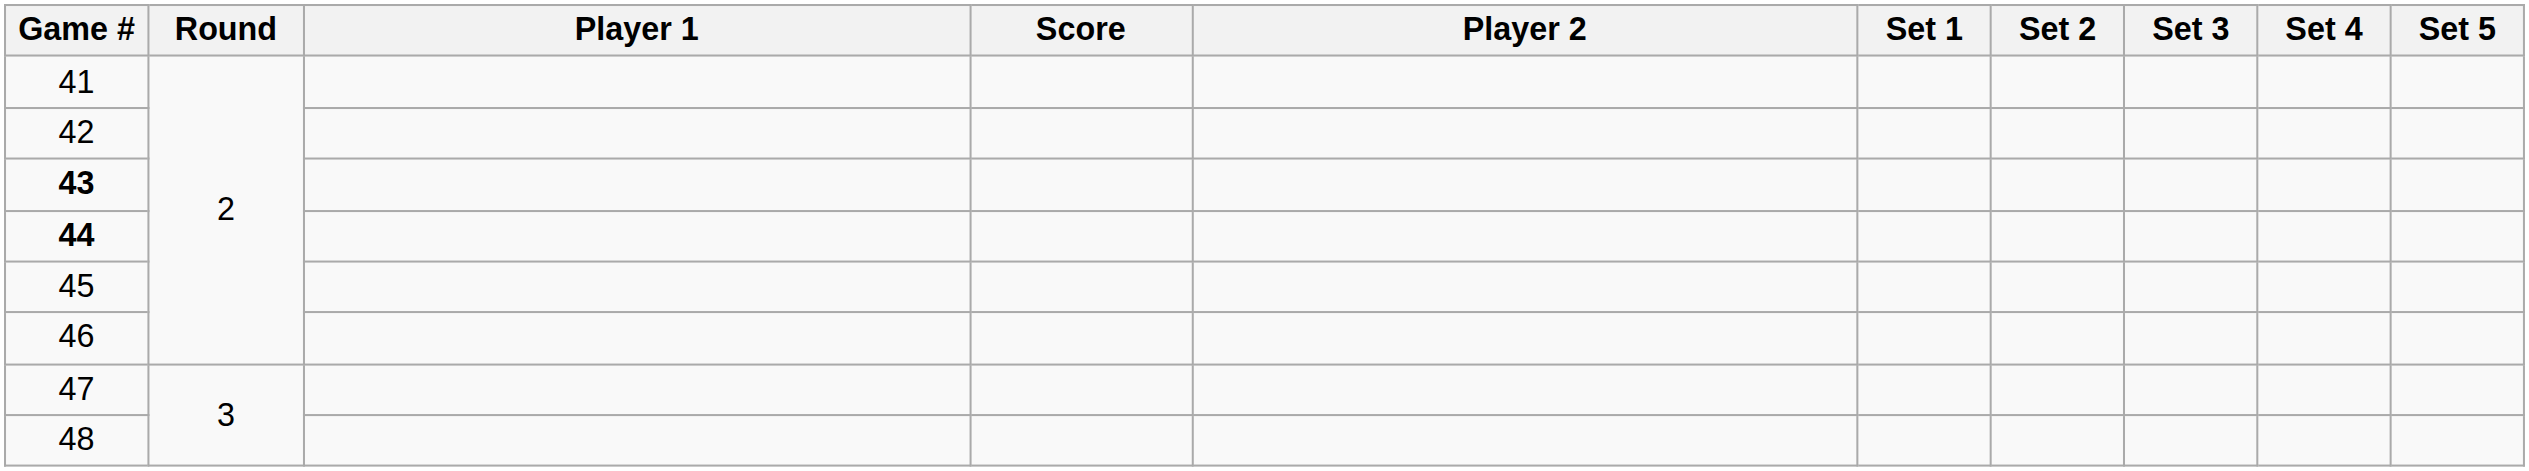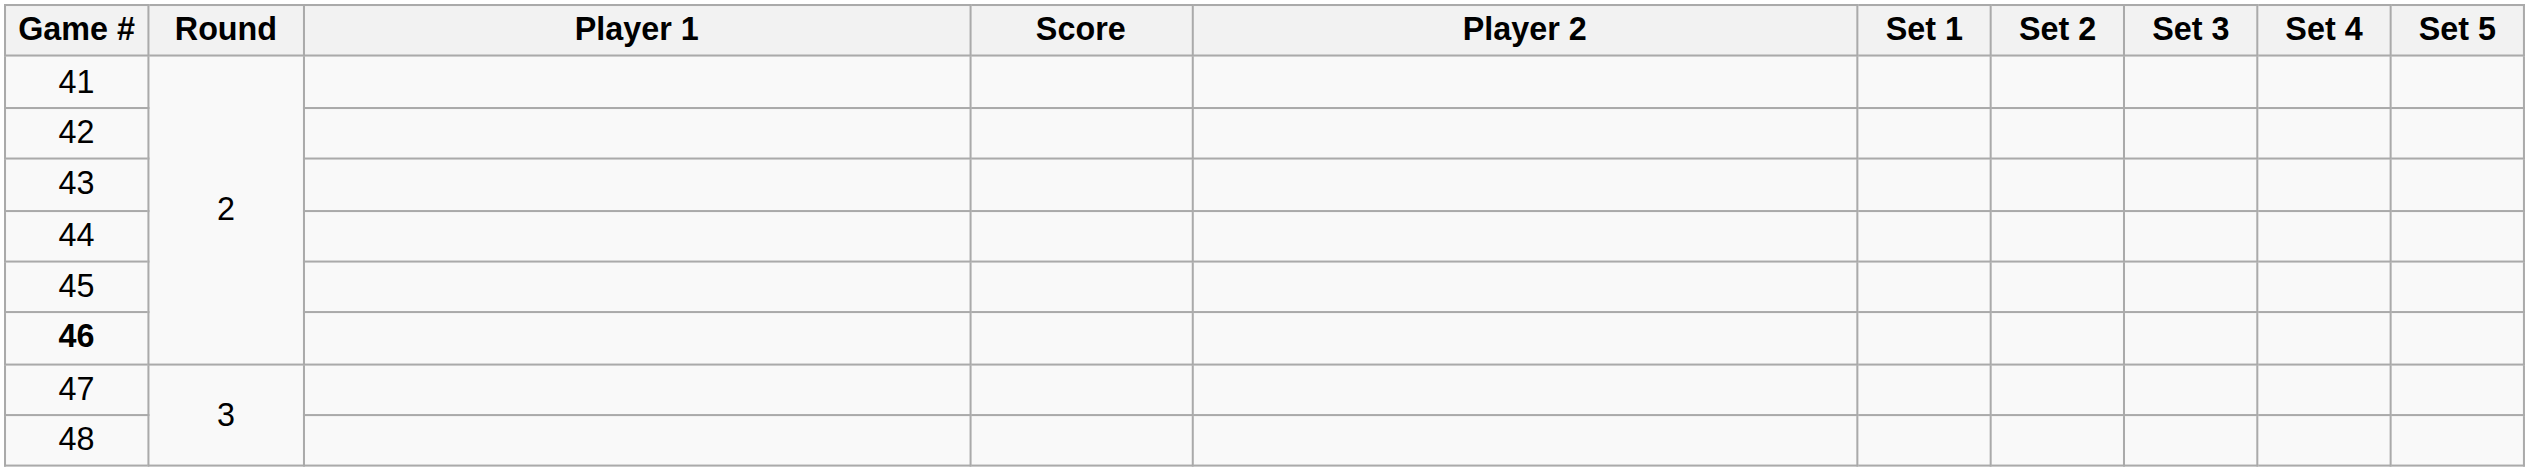 <table class="wikitable">
 <tr>
 <th width="2%">Game #</th>
 <th width="2%">Round</th>
 <th width="15%">Player 1</th>
 <th width="5%">Score</th>
 <th width="15%">Player 2</th>
 <th width="3%">Set 1</th>
 <th width="3%">Set 2</th>
 <th width="3%">Set 3</th>
 <th width="3%">Set 4</th>
 <th width="3%">Set 5</th>
 </tr>
 <tr style=text-align:center;>
 <td>41</td>
 <td rowspan=6>2</td>
 <td></td>
 <td></td>
 <td></td>
 <td></td>
 <td></td>
 <td></td>
 <td></td>
 <td></td>
 </tr>
 <tr style=text-align:center;>
 <td>42</td>
 <td></td>
 <td></td>
 <td></td>
 <td></td>
 <td></td>
 <td></td>
 <td></td>
 <td></td>
 </tr>
 <tr style=text-align:center;>
-<td><strong>43</strong></td>
+<td>43</td>
 <td></td>
 <td></td>
 <td></td>
 <td></td>
 <td></td>
 <td></td>
 <td></td>
 <td></td>
 </tr>
 <tr style=text-align:center;>
-<td><strong>44</strong></td>
+<td>44</td>
 <td></td>
 <td></td>
 <td></td>
 <td></td>
 <td></td>
 <td></td>
 <td></td>
 <td></td>
 </tr>
 <tr style=text-align:center;>
 <td>45</td>
 <td></td>
 <td></td>
 <td></td>
 <td></td>
 <td></td>
 <td></td>
 <td></td>
 <td></td>
 </tr>
 <tr style=text-align:center;>
-<td>46</td>
+<td><strong>46</strong></td>
 <td></td>
 <td></td>
 <td></td>
 <td></td>
 <td></td>
 <td></td>
 <td></td>
 <td></td>
 </tr>
 <tr style=text-align:center;>
 <td>47</td>
 <td rowspan=2>3</td>
 <td></td>
 <td></td>
 <td></td>
 <td></td>
 <td></td>
 <td></td>
 <td></td>
 <td></td>
 </tr>
 <tr style=text-align:center;>
 <td>48</td>
 <td></td>
 <td></td>
 <td></td>
 <td></td>
 <td></td>
 <td></td>
 <td></td>
 <td></td>
 </tr>
 </table>
